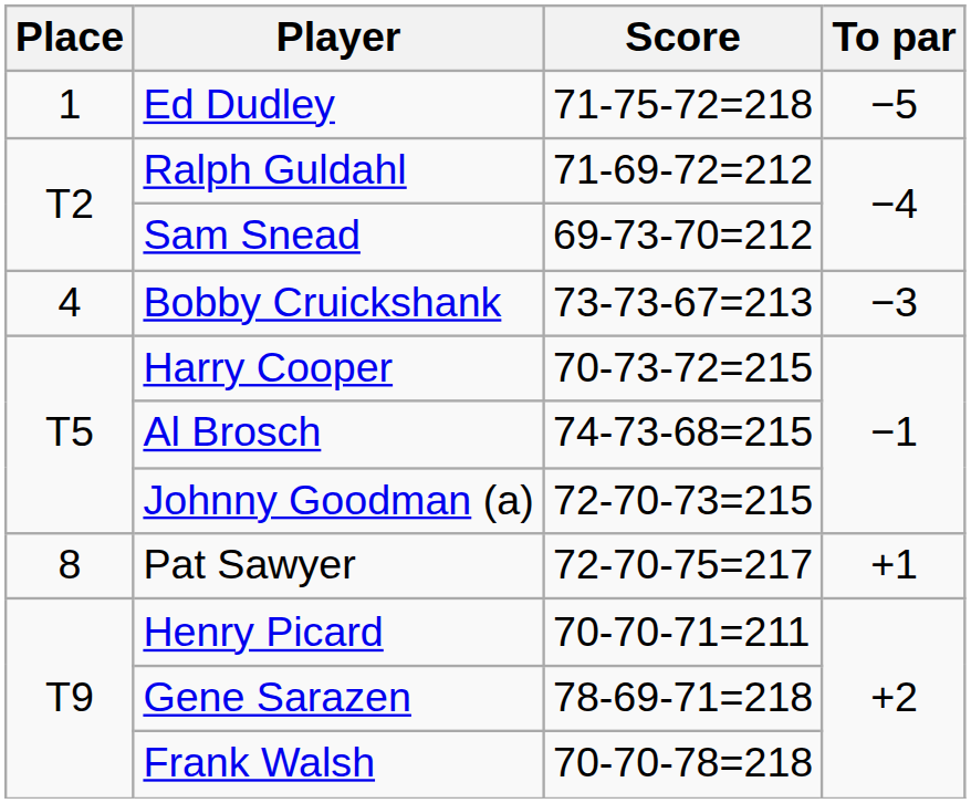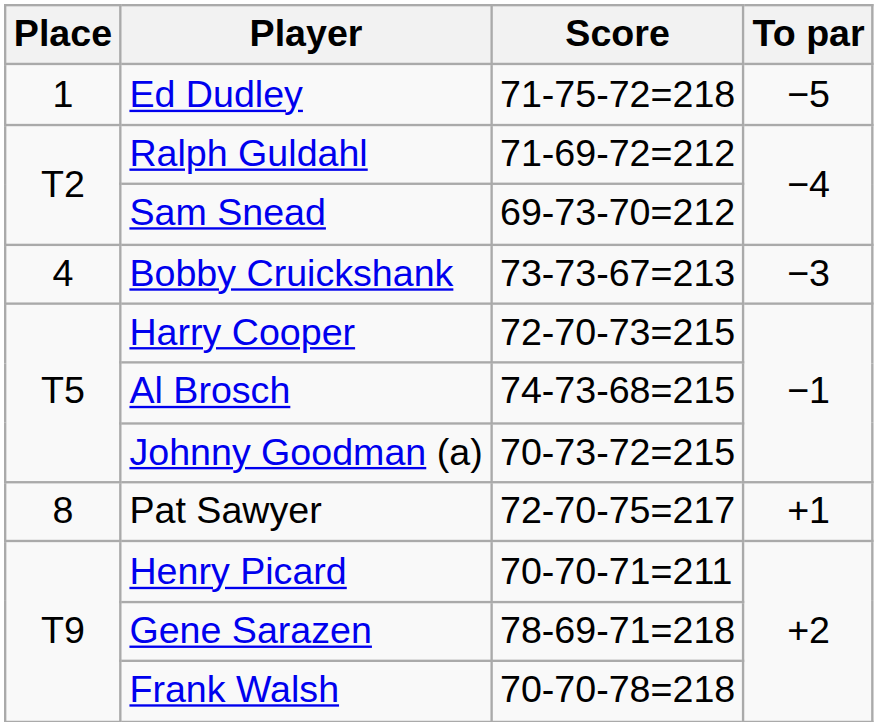 <table class=wikitable>
 <tr>
 <th>Place</th>
 <th>Player</th>
 <th>Score</th>
 <th>To par</th>
 </tr>
 <tr>
 <td align=center>1</td>
 <td> <a href='#'>Ed Dudley</a></td>
 <td>71-75-72=218</td>
 <td align=center>−5</td>
 </tr>
 <tr>
 <td rowspan=2 align=center>T2</td>
 <td> <a href='#'>Ralph Guldahl</a></td>
 <td>71-69-72=212</td>
 <td rowspan=2 align=center>−4</td>
 </tr>
 <tr>
 <td> <a href='#'>Sam Snead</a></td>
 <td>69-73-70=212</td>
 </tr>
 <tr>
 <td align=center>4</td>
 <td> <a href='#'>Bobby Cruickshank</a></td>
 <td>73-73-67=213</td>
 <td align=center>−3</td>
 </tr>
 <tr>
 <td rowspan=3 align=center>T5</td>
 <td> <a href='#'>Harry Cooper</a></td>
-<td>70-73-72=215</td>
+<td>72-70-73=215</td>
 <td rowspan=3 align=center>−1</td>
 </tr>
 <tr>
 <td> <a href='#'>Al Brosch</a></td>
 <td>74-73-68=215</td>
 </tr>
 <tr>
 <td> <a href='#'>Johnny Goodman</a> (a)</td>
-<td>72-70-73=215</td>
+<td>70-73-72=215</td>
 </tr>
 <tr>
 <td align=center>8</td>
 <td> Pat Sawyer</td>
 <td>72-70-75=217</td>
 <td align=center>+1</td>
 </tr>
 <tr>
 <td rowspan=3 align=center>T9</td>
 <td> <a href='#'>Henry Picard</a></td>
 <td>70-70-71=211</td>
 <td rowspan=3 align=center>+2</td>
 </tr>
 <tr>
 <td> <a href='#'>Gene Sarazen</a></td>
 <td>78-69-71=218</td>
 </tr>
 <tr>
 <td> <a href='#'>Frank Walsh</a></td>
 <td>70-70-78=218</td>
 </tr>
 </table>
